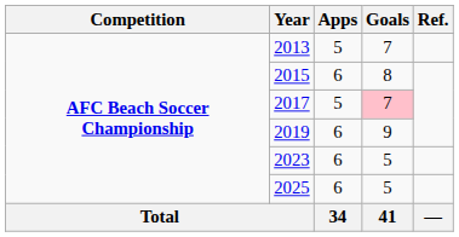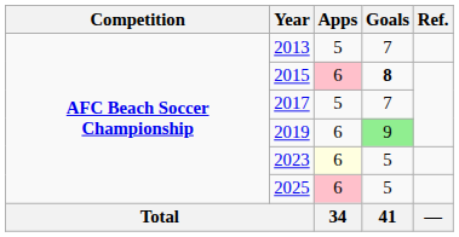 <table class="wikitable" style="text-align:center;">
 <tr>
 <th>Competition</th>
 <th>Year</th>
 <th>Apps</th>
 <th>Goals</th>
 <th>Ref.</th>
 </tr>
 <tr>
 <td rowspan="6" width=230><strong><a href='#'>AFC Beach Soccer Championship</a></strong></td>
 <td> <a href='#'>2013</a></td>
 <td>5</td>
 <td>7</td>
 <td></td>
 </tr>
 <tr>
 <td> <a href='#'>2015</a></td>
-<td>6</td>
-<td>8</td>
+<td style="background: pink;">6</td>
+<td><strong>8</strong></td>
 <td rowspan=3></td>
 </tr>
 <tr>
 <td> <a href='#'>2017</a></td>
 <td>5</td>
-<td style="background: pink;">7</td>
+<td>7</td>
 </tr>
 <tr>
 <td> <a href='#'>2019</a></td>
 <td>6</td>
-<td>9</td>
+<td style="background: lightgreen;">9</td>
 </tr>
 <tr>
 <td> <a href='#'>2023</a></td>
-<td>6</td>
+<td style="background: lightyellow;">6</td>
 <td>5</td>
 <td></td>
 </tr>
 <tr>
 <td> <a href='#'>2025</a></td>
-<td>6</td>
+<td style="background: pink;">6</td>
 <td>5</td>
 <td></td>
 </tr>
 <tr>
 <th colspan=2>Total</th>
 <th>34</th>
 <th>41</th>
 <th>—</th>
 </tr>
 </table>
